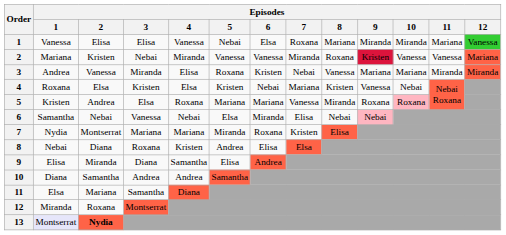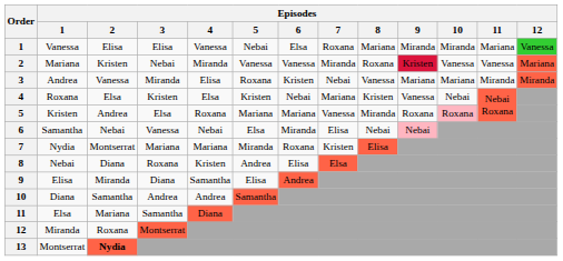 <table class="wikitable" style="text-align:center; font-size:92%">
 <tr>
 <th rowspan=2>Order</th>
 <th colspan=13>Episodes</th>
 </tr>
 <tr>
 <th>1</th>
 <th>2</th>
 <th>3</th>
 <th>4</th>
 <th>5</th>
 <th>6</th>
 <th>7</th>
 <th>8</th>
 <th>9</th>
 <th>10</th>
 <th>11</th>
 <th>12</th>
 </tr>
 <tr>
 <th>1</th>
 <td>Vanessa</td>
 <td>Elisa</td>
 <td>Elisa</td>
 <td>Vanessa</td>
 <td>Nebai</td>
 <td>Elsa</td>
 <td>Roxana</td>
 <td>Mariana</td>
 <td>Miranda</td>
 <td>Miranda</td>
 <td>Mariana</td>
 <td bgcolor="limegreen">Vanessa</td>
 </tr>
 <tr>
 <th>2</th>
 <td>Mariana</td>
 <td>Kristen</td>
 <td>Nebai</td>
 <td>Miranda</td>
 <td>Vanessa</td>
 <td>Vanessa</td>
 <td>Miranda</td>
 <td>Roxana</td>
 <td style="background:crimson;"><span>Kristen</span></td>
 <td>Vanessa</td>
 <td>Vanessa</td>
 <td bgcolor="tomato">Mariana</td>
 </tr>
 <tr>
 <th>3</th>
 <td>Andrea</td>
 <td>Vanessa</td>
 <td>Miranda</td>
 <td>Elisa</td>
 <td>Roxana</td>
 <td>Kristen</td>
 <td>Nebai</td>
 <td>Vanessa</td>
 <td>Mariana</td>
 <td>Mariana</td>
 <td>Miranda</td>
 <td bgcolor="tomato">Miranda</td>
 </tr>
 <tr>
 <th>4</th>
 <td>Roxana</td>
 <td>Elsa</td>
 <td>Kristen</td>
 <td>Elsa</td>
 <td>Kristen</td>
 <td>Nebai</td>
 <td>Mariana</td>
 <td>Kristen</td>
 <td>Vanessa</td>
 <td>Nebai</td>
 <td rowspan="2" bgcolor="tomato">Nebai<br>Roxana</td>
 <td bgcolor="darkgray" colspan="13"></td>
 </tr>
 <tr>
 <th>5</th>
 <td>Kristen</td>
 <td>Andrea</td>
 <td>Elsa</td>
 <td>Roxana</td>
 <td>Mariana</td>
 <td>Mariana</td>
 <td>Vanessa</td>
 <td>Miranda</td>
 <td>Roxana</td>
 <td bgcolor="lightpink">Roxana</td>
 <td bgcolor="darkgray" colspan="13"></td>
 </tr>
 <tr>
 <th>6</th>
 <td>Samantha</td>
 <td>Nebai</td>
 <td>Vanessa</td>
 <td>Nebai</td>
 <td>Elsa</td>
 <td>Miranda</td>
 <td>Elisa</td>
 <td>Nebai</td>
 <td bgcolor="lightpink">Nebai</td>
 <td bgcolor="darkgray" colspan="13"></td>
 </tr>
 <tr>
 <th>7</th>
 <td>Nydia</td>
 <td>Montserrat</td>
 <td>Mariana</td>
 <td>Mariana</td>
 <td>Miranda</td>
 <td>Roxana</td>
 <td>Kristen</td>
 <td bgcolor="tomato">Elisa</td>
 <td bgcolor="darkgray" colspan="13"></td>
 </tr>
 <tr>
 <th>8</th>
 <td>Nebai</td>
 <td>Diana</td>
 <td>Roxana</td>
 <td>Kristen</td>
 <td>Andrea</td>
 <td>Elisa</td>
 <td bgcolor="tomato">Elsa</td>
 <td bgcolor="darkgray" colspan="13"></td>
 </tr>
 <tr>
 <th>9</th>
 <td>Elisa</td>
 <td>Miranda</td>
 <td>Diana</td>
 <td>Samantha</td>
 <td>Elisa</td>
 <td bgcolor="tomato">Andrea</td>
 <td bgcolor="darkgray" colspan="13"></td>
 </tr>
 <tr>
 <th>10</th>
 <td>Diana</td>
 <td>Samantha</td>
 <td>Andrea</td>
 <td>Andrea</td>
 <td bgcolor="tomato">Samantha</td>
 <td bgcolor="darkgray" colspan="13"></td>
 </tr>
 <tr>
 <th>11</th>
 <td>Elsa</td>
 <td>Mariana</td>
 <td>Samantha</td>
 <td bgcolor="tomato">Diana</td>
 <td bgcolor="darkgray" colspan="13"></td>
 </tr>
 <tr>
 <th>12</th>
 <td>Miranda</td>
 <td>Roxana</td>
 <td bgcolor="tomato">Montserrat</td>
 <td bgcolor="darkgray" colspan="13"></td>
 </tr>
 <tr>
 <th>13</th>
-<td style="background: lavender;">Montserrat</td>
+<td>Montserrat</td>
 <td bgcolor="tomato"><strong>Nydia</strong></td>
 <td bgcolor="darkgray" colspan="13"></td>
 </tr>
 </table>
